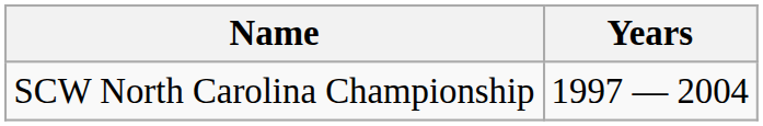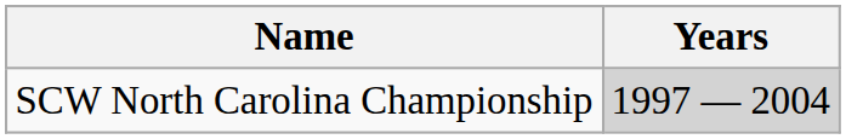 <table class="wikitable" border="1">
 <tr>
 <th>Name</th>
 <th>Years</th>
 </tr>
 <tr>
 <td>SCW North Carolina Championship</td>
-<td>1997 — 2004</td>
+<td style="background: lightgrey;">1997 — 2004</td>
 </tr>
 </table>
